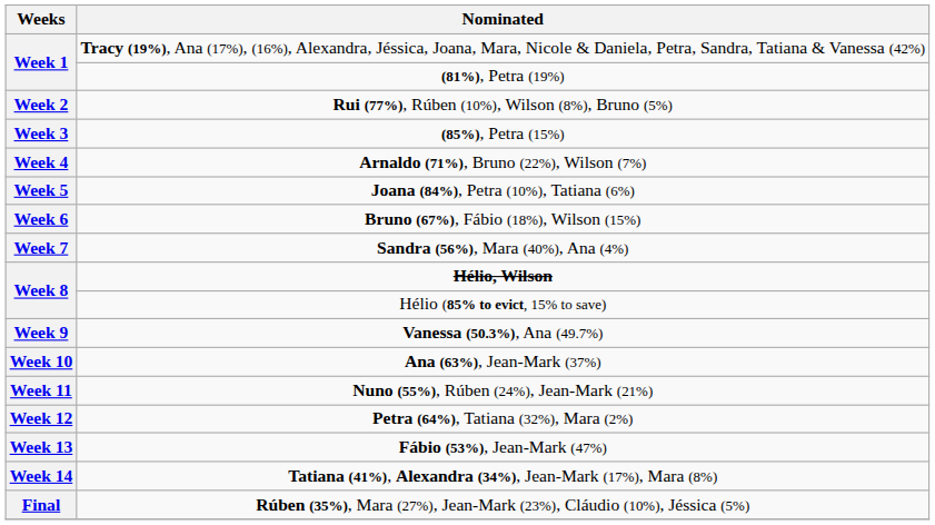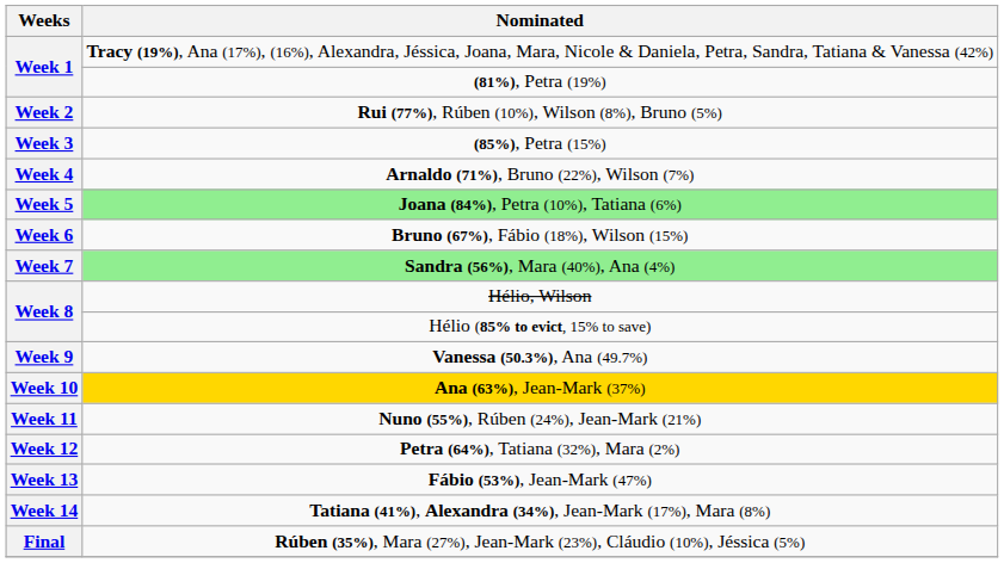 <table class="wikitable" style="font-size:90%; text-align:center; margin-left: auto; margin-right: auto">
 <tr>
 <th>Weeks</th>
 <th>Nominated</th>
 </tr>
 <tr>
 <th rowspan="2"><a href='#'>Week 1</a></th>
 <td><strong>Tracy <small>(19%)</small></strong>, Ana <small>(17%)</small>,  <small>(16%)</small>, Alexandra, Jéssica, Joana, Mara, Nicole & Daniela, Petra, Sandra, Tatiana & Vanessa <small>(42%)</small></td>
 </tr>
 <tr>
 <td><strong> <small>(81%)</small></strong>, Petra <small>(19%)</small></td>
 </tr>
 <tr>
 <th><a href='#'>Week 2</a></th>
 <td><strong>Rui <small>(77%)</small></strong>, Rúben <small>(10%)</small>, Wilson <small>(8%)</small>, Bruno <small>(5%)</small></td>
 </tr>
 <tr>
 <th><a href='#'>Week 3</a></th>
 <td><strong><small>(85%)</small></strong>, Petra <small>(15%)</small></td>
 </tr>
 <tr>
 <th><a href='#'>Week 4</a></th>
 <td><strong>Arnaldo <small>(71%)</small></strong>, Bruno <small>(22%)</small>, Wilson <small>(7%)</small></td>
 </tr>
 <tr>
 <th><a href='#'>Week 5</a></th>
-<td><strong>Joana <small>(84%)</small></strong>, Petra <small>(10%)</small>, Tatiana <small>(6%)</small></td>
+<td style="background: lightgreen;"><strong>Joana <small>(84%)</small></strong>, Petra <small>(10%)</small>, Tatiana <small>(6%)</small></td>
 </tr>
 <tr>
 <th><a href='#'>Week 6</a></th>
 <td><strong>Bruno <small>(67%)</small></strong>, Fábio <small>(18%)</small>, Wilson <small>(15%)</small></td>
 </tr>
 <tr>
 <th><a href='#'>Week 7</a></th>
-<td><strong>Sandra <small>(56%)</small></strong>, Mara <small>(40%)</small>, Ana <small>(4%)</small></td>
+<td style="background: lightgreen;"><strong>Sandra <small>(56%)</small></strong>, Mara <small>(40%)</small>, Ana <small>(4%)</small></td>
 </tr>
 <tr>
 <th rowspan="2"><a href='#'>Week 8</a></th>
-<td><strong><s>Hélio, Wilson</s></strong></td>
+<td><s>Hélio, Wilson</s></td>
 </tr>
 <tr>
 <td>Hélio <small>(<strong>85% to evict</strong>, 15% to save)</small></td>
 </tr>
 <tr>
 <th><a href='#'>Week 9</a></th>
 <td><strong>Vanessa <small>(50.3%)</small></strong>, Ana <small>(49.7%)</small></td>
 </tr>
 <tr>
 <th><a href='#'>Week 10</a></th>
-<td><strong>Ana <small>(63%)</small></strong>, Jean-Mark <small>(37%)</small></td>
+<td style="background: gold;"><strong>Ana <small>(63%)</small></strong>, Jean-Mark <small>(37%)</small></td>
 </tr>
 <tr>
 <th><a href='#'>Week 11</a></th>
 <td><strong>Nuno <small>(55%)</small></strong>, Rúben <small>(24%)</small>, Jean-Mark <small>(21%)</small></td>
 </tr>
 <tr>
 <th><a href='#'>Week 12</a></th>
 <td><strong>Petra <small>(64%)</small></strong>, Tatiana <small>(32%)</small>, Mara <small>(2%)</small></td>
 </tr>
 <tr>
 <th><a href='#'>Week 13</a></th>
 <td><strong>Fábio <small>(53%)</small></strong>, Jean-Mark <small>(47%)</small></td>
 </tr>
 <tr>
 <th><a href='#'>Week 14</a></th>
 <td><strong>Tatiana <small>(41%)</small></strong>, <strong>Alexandra <small>(34%)</small></strong>, Jean-Mark <small>(17%)</small>, Mara <small>(8%)</small></td>
 </tr>
 <tr>
 <th><a href='#'>Final</a></th>
 <td><strong>Rúben <small>(35%)</small></strong>, Mara <small>(27%)</small>, Jean-Mark <small>(23%)</small>, Cláudio <small>(10%)</small>, Jéssica <small>(5%)</small></td>
 </tr>
 <tr>
 </tr>
 </table>
